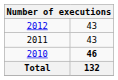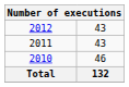 <table class="wikitable" style="text-align:center;">
 <tr>
 <th colspan="2">Number of executions</th>
 </tr>
 <tr>
 <td><a href='#'>2012</a></td>
 <td>43</td>
 </tr>
 <tr>
 <td>2011</td>
 <td>43</td>
 </tr>
 <tr>
 <td><a href='#'>2010</a></td>
-<td><strong>46</strong></td>
+<td>46</td>
 </tr>
 <tr>
 <th>Total</th>
 <th>132</th>
 </tr>
 <tr>
 </tr>
 </table>
